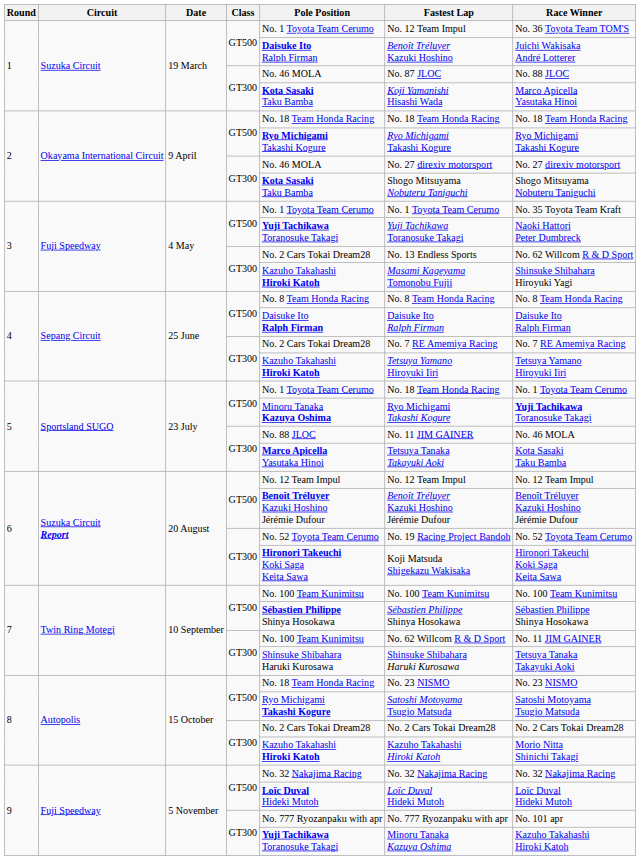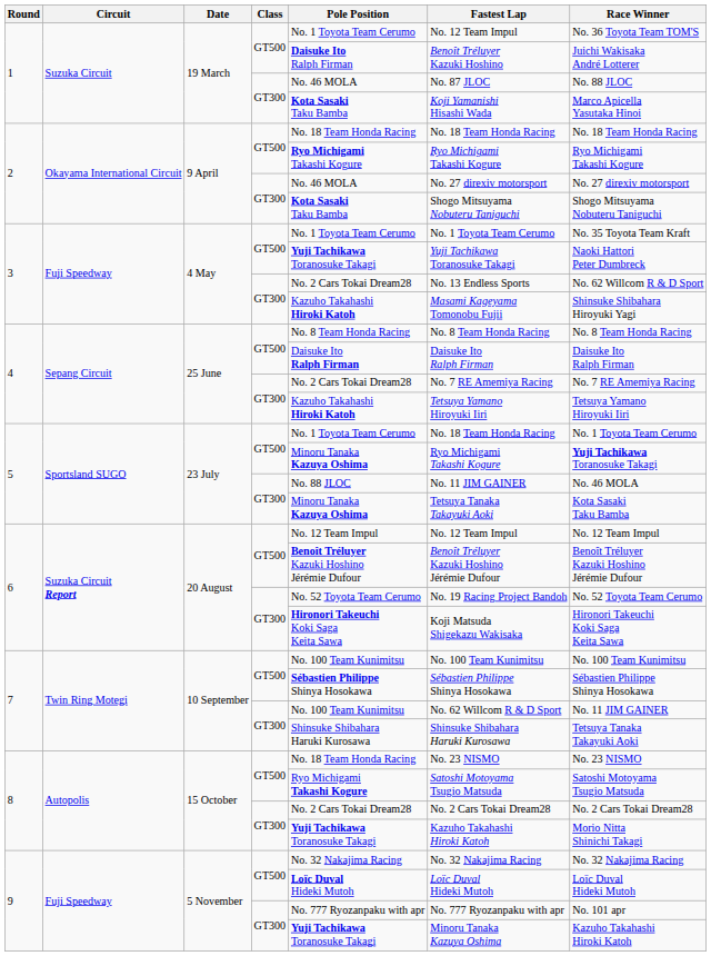 <table class="wikitable" style="font-size: 85%">
 <tr>
 <th>Round</th>
 <th>Circuit</th>
 <th>Date</th>
 <th>Class</th>
 <th>Pole Position</th>
 <th>Fastest Lap</th>
 <th>Race Winner</th>
 </tr>
 <tr>
 <td rowspan="4">1</td>
 <td rowspan="4"><a href='#'>Suzuka Circuit</a></td>
 <td rowspan="4">19 March</td>
 <td rowspan="2">GT500</td>
 <td>No. 1 <a href='#'>Toyota Team Cerumo</a></td>
 <td>No. 12 Team Impul</td>
 <td>No. 36 <a href='#'>Toyota Team TOM'S</a></td>
 </tr>
 <tr>
 <td><strong> <a href='#'>Daisuke Ito</a></strong><br> <a href='#'>Ralph Firman</a></td>
 <td><em> <a href='#'>Benoît Tréluyer</a></em><br> <a href='#'>Kazuki Hoshino</a></td>
 <td> <a href='#'>Juichi Wakisaka</a><br> <a href='#'>André Lotterer</a></td>
 </tr>
 <tr>
 <td rowspan="2">GT300</td>
 <td>No. 46 MOLA</td>
 <td>No. 87 <a href='#'>JLOC</a></td>
 <td>No. 88 <a href='#'>JLOC</a></td>
 </tr>
 <tr>
 <td><strong> <a href='#'>Kota Sasaki</a></strong><br> <a href='#'>Taku Bamba</a></td>
 <td><em> <a href='#'>Koji Yamanishi</a></em><br> <a href='#'>Hisashi Wada</a></td>
 <td> <a href='#'>Marco Apicella</a><br> <a href='#'>Yasutaka Hinoi</a></td>
 </tr>
 <tr>
 <td rowspan="4">2</td>
 <td rowspan="4"><a href='#'>Okayama International Circuit</a></td>
 <td rowspan="4">9 April</td>
 <td rowspan="2">GT500</td>
 <td>No. 18 <a href='#'>Team Honda Racing</a></td>
 <td>No. 18 <a href='#'>Team Honda Racing</a></td>
 <td>No. 18 <a href='#'>Team Honda Racing</a></td>
 </tr>
 <tr>
 <td><strong> <a href='#'>Ryo Michigami</a></strong><br> <a href='#'>Takashi Kogure</a></td>
 <td><em> <a href='#'>Ryo Michigami</a></em><br> <a href='#'>Takashi Kogure</a></td>
 <td> <a href='#'>Ryo Michigami</a><br> <a href='#'>Takashi Kogure</a></td>
 </tr>
 <tr>
 <td rowspan="2">GT300</td>
 <td>No. 46 MOLA</td>
 <td>No. 27 <a href='#'>direxiv motorsport</a></td>
 <td>No. 27 <a href='#'>direxiv motorsport</a></td>
 </tr>
 <tr>
 <td><strong> <a href='#'>Kota Sasaki</a></strong><br> <a href='#'>Taku Bamba</a></td>
 <td> Shogo Mitsuyama<br><em> <a href='#'>Nobuteru Taniguchi</a></em></td>
 <td> Shogo Mitsuyama<br> <a href='#'>Nobuteru Taniguchi</a></td>
 </tr>
 <tr>
 <td rowspan="4">3</td>
 <td rowspan="4"><a href='#'>Fuji Speedway</a></td>
 <td rowspan="4">4 May</td>
 <td rowspan="2">GT500</td>
 <td>No. 1 <a href='#'>Toyota Team Cerumo</a></td>
 <td>No. 1 <a href='#'>Toyota Team Cerumo</a></td>
 <td>No. 35 Toyota Team Kraft</td>
 </tr>
 <tr>
 <td><strong> <a href='#'>Yuji Tachikawa</a></strong> <br> <a href='#'>Toranosuke Takagi</a></td>
 <td><em> <a href='#'>Yuji Tachikawa</a></em> <br> <a href='#'>Toranosuke Takagi</a></td>
 <td> <a href='#'>Naoki Hattori</a> <br> <a href='#'>Peter Dumbreck</a></td>
 </tr>
 <tr>
 <td rowspan="2">GT300</td>
 <td>No. 2 Cars Tokai Dream28</td>
 <td>No. 13 Endless Sports</td>
 <td>No. 62 Willcom <a href='#'>R & D Sport</a></td>
 </tr>
 <tr>
 <td> <a href='#'>Kazuho Takahashi</a> <br><strong> <a href='#'>Hiroki Katoh</a></strong></td>
 <td><em> <a href='#'>Masami Kageyama</a></em> <br> <a href='#'>Tomonobu Fujii</a></td>
 <td> <a href='#'>Shinsuke Shibahara</a><br> Hiroyuki Yagi</td>
 </tr>
 <tr>
 <td rowspan="4">4</td>
 <td rowspan="4"><a href='#'>Sepang Circuit</a></td>
 <td rowspan="4">25 June</td>
 <td rowspan="2">GT500</td>
 <td>No. 8 <a href='#'>Team Honda Racing</a></td>
 <td>No. 8 <a href='#'>Team Honda Racing</a></td>
 <td>No. 8 <a href='#'>Team Honda Racing</a></td>
 </tr>
 <tr>
 <td> <a href='#'>Daisuke Ito</a><br><strong> <a href='#'>Ralph Firman</a></strong></td>
 <td> <a href='#'>Daisuke Ito</a><br><em> <a href='#'>Ralph Firman</a></em></td>
 <td> <a href='#'>Daisuke Ito</a><br> <a href='#'>Ralph Firman</a></td>
 </tr>
 <tr>
 <td rowspan="2">GT300</td>
 <td>No. 2 Cars Tokai Dream28</td>
 <td>No. 7 <a href='#'>RE Amemiya Racing</a></td>
 <td>No. 7 <a href='#'>RE Amemiya Racing</a></td>
 </tr>
 <tr>
 <td> <a href='#'>Kazuho Takahashi</a> <br><strong> <a href='#'>Hiroki Katoh</a></strong></td>
 <td><em> <a href='#'>Tetsuya Yamano</a></em><br> <a href='#'>Hiroyuki Iiri</a></td>
 <td> <a href='#'>Tetsuya Yamano</a><br> <a href='#'>Hiroyuki Iiri</a></td>
 </tr>
 <tr>
 <td rowspan="4">5</td>
 <td rowspan="4"><a href='#'>Sportsland SUGO</a></td>
 <td rowspan="4">23 July</td>
 <td rowspan="2">GT500</td>
 <td>No. 1 <a href='#'>Toyota Team Cerumo</a></td>
 <td>No. 18 <a href='#'>Team Honda Racing</a></td>
 <td>No. 1 <a href='#'>Toyota Team Cerumo</a></td>
 </tr>
 <tr>
 <td> <a href='#'>Minoru Tanaka</a> <br><strong> <a href='#'>Kazuya Oshima</a></strong></td>
 <td> <a href='#'>Ryo Michigami</a><br><em> <a href='#'>Takashi Kogure</a></em></td>
 <td><strong> <a href='#'>Yuji Tachikawa</a></strong> <br> <a href='#'>Toranosuke Takagi</a></td>
 </tr>
 <tr>
 <td rowspan="2">GT300</td>
 <td>No. 88 <a href='#'>JLOC</a></td>
 <td>No. 11 <a href='#'>JIM GAINER</a></td>
 <td>No. 46 MOLA</td>
 </tr>
 <tr>
-<td><strong> <a href='#'>Marco Apicella</a></strong><br> <a href='#'>Yasutaka Hinoi</a></td>
+<td> <a href='#'>Minoru Tanaka</a> <br><strong> <a href='#'>Kazuya Oshima</a></strong></td>
 <td> <a href='#'>Tetsuya Tanaka</a> <br><em> <a href='#'>Takayuki Aoki</a></em></td>
 <td> <a href='#'>Kota Sasaki</a><br> <a href='#'>Taku Bamba</a></td>
 </tr>
 <tr>
 <td rowspan="4">6</td>
 <td rowspan="4"><a href='#'>Suzuka Circuit</a><br><strong><em><a href='#'>Report</a></em></strong></td>
 <td rowspan="4">20 August</td>
 <td rowspan="2">GT500</td>
 <td>No. 12 Team Impul</td>
 <td>No. 12 Team Impul</td>
 <td>No. 12 Team Impul</td>
 </tr>
 <tr>
 <td><strong> <a href='#'>Benoît Tréluyer</a></strong><br> <a href='#'>Kazuki Hoshino</a> <br> Jérémie Dufour</td>
 <td><em> <a href='#'>Benoît Tréluyer</a></em><br> <a href='#'>Kazuki Hoshino</a> <br> Jérémie Dufour</td>
 <td> <a href='#'>Benoît Tréluyer</a><br> <a href='#'>Kazuki Hoshino</a> <br> Jérémie Dufour</td>
 </tr>
 <tr>
 <td rowspan="2">GT300</td>
 <td>No. 52 <a href='#'>Toyota Team Cerumo</a></td>
 <td>No. 19 <a href='#'>Racing Project Bandoh</a></td>
 <td>No. 52 <a href='#'>Toyota Team Cerumo</a></td>
 </tr>
 <tr>
 <td><strong> <a href='#'>Hironori Takeuchi</a></strong> <br> <a href='#'>Koki Saga</a> <br> <a href='#'>Keita Sawa</a></td>
 <td> Koji Matsuda<br> <a href='#'>Shigekazu Wakisaka</a></td>
 <td> <a href='#'>Hironori Takeuchi</a> <br> <a href='#'>Koki Saga</a> <br> <a href='#'>Keita Sawa</a></td>
 </tr>
 <tr>
 <td rowspan="4">7</td>
 <td rowspan="4"><a href='#'>Twin Ring Motegi</a></td>
 <td rowspan="4">10 September</td>
 <td rowspan="2">GT500</td>
 <td>No. 100 <a href='#'>Team Kunimitsu</a></td>
 <td>No. 100 <a href='#'>Team Kunimitsu</a></td>
 <td>No. 100 <a href='#'>Team Kunimitsu</a></td>
 </tr>
 <tr>
 <td> <strong><a href='#'>Sébastien Philippe</a></strong> <br> Shinya Hosokawa</td>
 <td><em> <a href='#'>Sébastien Philippe</a></em> <br> Shinya Hosokawa</td>
 <td> <a href='#'>Sébastien Philippe</a> <br> Shinya Hosokawa</td>
 </tr>
 <tr>
 <td rowspan="2">GT300</td>
 <td>No. 100 <a href='#'>Team Kunimitsu</a></td>
 <td>No. 62 Willcom <a href='#'>R & D Sport</a></td>
 <td>No. 11 <a href='#'>JIM GAINER</a></td>
 </tr>
 <tr>
 <td> <a href='#'>Shinsuke Shibahara</a><br> Haruki Kurosawa</td>
 <td> <a href='#'>Shinsuke Shibahara</a><br><em> Haruki Kurosawa</em></td>
 <td> <a href='#'>Tetsuya Tanaka</a> <br> <a href='#'>Takayuki Aoki</a></td>
 </tr>
 <tr>
 <td rowspan="4">8</td>
 <td rowspan="4"><a href='#'>Autopolis</a></td>
 <td rowspan="4">15 October</td>
 <td rowspan="2">GT500</td>
 <td>No. 18 <a href='#'>Team Honda Racing</a></td>
 <td>No. 23 <a href='#'>NISMO</a></td>
 <td>No. 23 <a href='#'>NISMO</a></td>
 </tr>
 <tr>
 <td> <a href='#'>Ryo Michigami</a><br><strong> <a href='#'>Takashi Kogure</a></strong></td>
 <td><em> <a href='#'>Satoshi Motoyama</a></em><br> <a href='#'>Tsugio Matsuda</a></td>
 <td> <a href='#'>Satoshi Motoyama</a><br> <a href='#'>Tsugio Matsuda</a></td>
 </tr>
 <tr>
 <td rowspan="2">GT300</td>
 <td>No. 2 Cars Tokai Dream28</td>
 <td>No. 2 Cars Tokai Dream28</td>
 <td>No. 2 Cars Tokai Dream28</td>
 </tr>
 <tr>
-<td> <a href='#'>Kazuho Takahashi</a> <br><strong> <a href='#'>Hiroki Katoh</a></strong></td>
+<td><strong> <a href='#'>Yuji Tachikawa</a></strong> <br> <a href='#'>Toranosuke Takagi</a></td>
 <td> <a href='#'>Kazuho Takahashi</a> <br><em> <a href='#'>Hiroki Katoh</a></em></td>
 <td> <a href='#'>Morio Nitta</a> <br> <a href='#'>Shinichi Takagi</a></td>
 </tr>
 <tr>
 <td rowspan="4">9</td>
 <td rowspan="4"><a href='#'>Fuji Speedway</a></td>
 <td rowspan="4">5 November</td>
 <td rowspan="2">GT500</td>
 <td>No. 32 <a href='#'>Nakajima Racing</a></td>
 <td>No. 32 <a href='#'>Nakajima Racing</a></td>
 <td>No. 32 <a href='#'>Nakajima Racing</a></td>
 </tr>
 <tr>
 <td><strong> <a href='#'>Loïc Duval</a></strong><br> <a href='#'>Hideki Mutoh</a></td>
 <td><em> <a href='#'>Loïc Duval</a></em><br> <a href='#'>Hideki Mutoh</a></td>
 <td> <a href='#'>Loïc Duval</a><br> <a href='#'>Hideki Mutoh</a></td>
 </tr>
 <tr>
 <td rowspan="2">GT300</td>
 <td>No. 777 Ryozanpaku with apr</td>
 <td>No. 777 Ryozanpaku with apr</td>
 <td>No. 101 apr</td>
 </tr>
 <tr>
 <td><strong> <a href='#'>Yuji Tachikawa</a></strong> <br> <a href='#'>Toranosuke Takagi</a></td>
 <td> <a href='#'>Minoru Tanaka</a> <br><em> <a href='#'>Kazuya Oshima</a></em></td>
 <td> <a href='#'>Kazuho Takahashi</a> <br> <a href='#'>Hiroki Katoh</a></td>
 </tr>
 </table>
